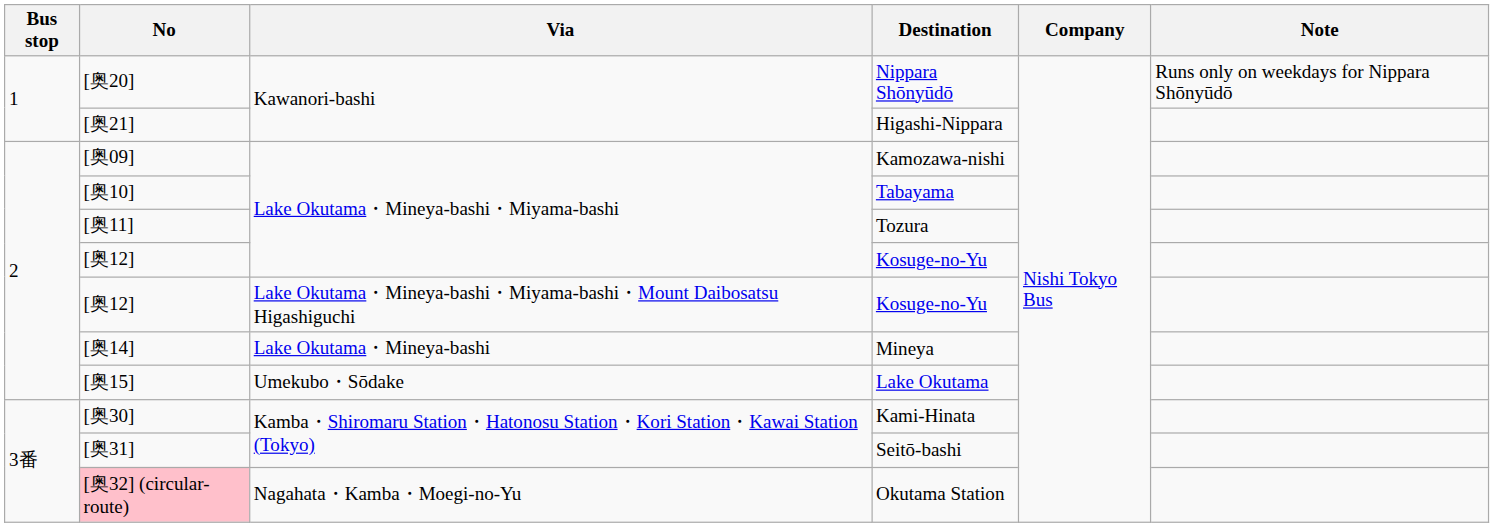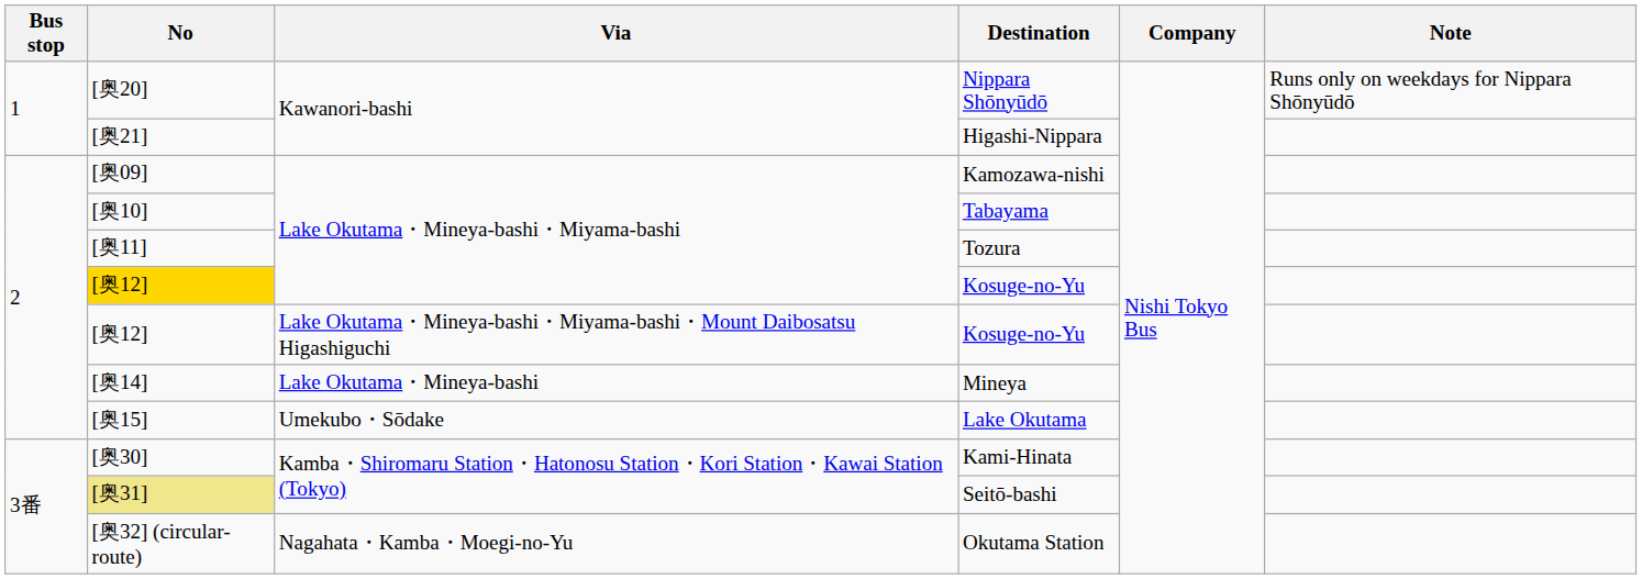 <table class="wikitable">
 <tr>
 <th class="col">Bus stop</th>
 <th class="col">No</th>
 <th class="col">Via</th>
 <th scope="col">Destination</th>
 <th scope="col">Company</th>
 <th scope="col">Note</th>
 </tr>
 <tr>
 <td rowspan="2">1</td>
 <td>[奥20]</td>
 <td rowspan="2">Kawanori-bashi</td>
 <td><a href='#'>Nippara Shōnyūdō</a></td>
 <td rowspan="12"><a href='#'>Nishi Tokyo Bus</a></td>
 <td>Runs only on weekdays for Nippara Shōnyūdō</td>
 </tr>
 <tr>
 <td>[奥21]</td>
 <td>Higashi-Nippara</td>
 <td></td>
 </tr>
 <tr>
 <td rowspan="7">2</td>
 <td>[奥09]</td>
 <td rowspan="4"><a href='#'>Lake Okutama</a>・Mineya-bashi・Miyama-bashi</td>
 <td>Kamozawa-nishi</td>
 <td></td>
 </tr>
 <tr>
 <td>[奥10]</td>
 <td><a href='#'>Tabayama</a></td>
 <td></td>
 </tr>
 <tr>
 <td>[奥11]</td>
 <td>Tozura</td>
 <td></td>
 </tr>
 <tr>
-<td>[奥12]</td>
+<td style="background: gold;">[奥12]</td>
 <td><a href='#'>Kosuge-no-Yu</a></td>
 <td></td>
 </tr>
 <tr>
 <td>[奥12]</td>
 <td><a href='#'>Lake Okutama</a>・Mineya-bashi・Miyama-bashi・<a href='#'>Mount Daibosatsu</a> Higashiguchi</td>
 <td><a href='#'>Kosuge-no-Yu</a></td>
 <td></td>
 </tr>
 <tr>
 <td>[奥14]</td>
 <td><a href='#'>Lake Okutama</a>・Mineya-bashi</td>
 <td>Mineya</td>
 <td></td>
 </tr>
 <tr>
 <td>[奥15]</td>
 <td>Umekubo・Sōdake</td>
 <td><a href='#'>Lake Okutama</a></td>
 <td></td>
 </tr>
 <tr>
 <td rowspan="3">3番</td>
 <td>[奥30]</td>
 <td rowspan="2">Kamba・<a href='#'>Shiromaru Station</a>・<a href='#'>Hatonosu Station</a>・<a href='#'>Kori Station</a>・<a href='#'>Kawai Station (Tokyo)</a></td>
 <td>Kami-Hinata</td>
 <td></td>
 </tr>
 <tr>
-<td>[奥31]</td>
+<td style="background: khaki;">[奥31]</td>
 <td>Seitō-bashi</td>
 <td></td>
 </tr>
 <tr>
-<td style="background: pink;">[奥32] (circular-route)</td>
+<td>[奥32] (circular-route)</td>
 <td>Nagahata・Kamba・Moegi-no-Yu</td>
 <td>Okutama Station</td>
 <td></td>
 </tr>
 </table>
